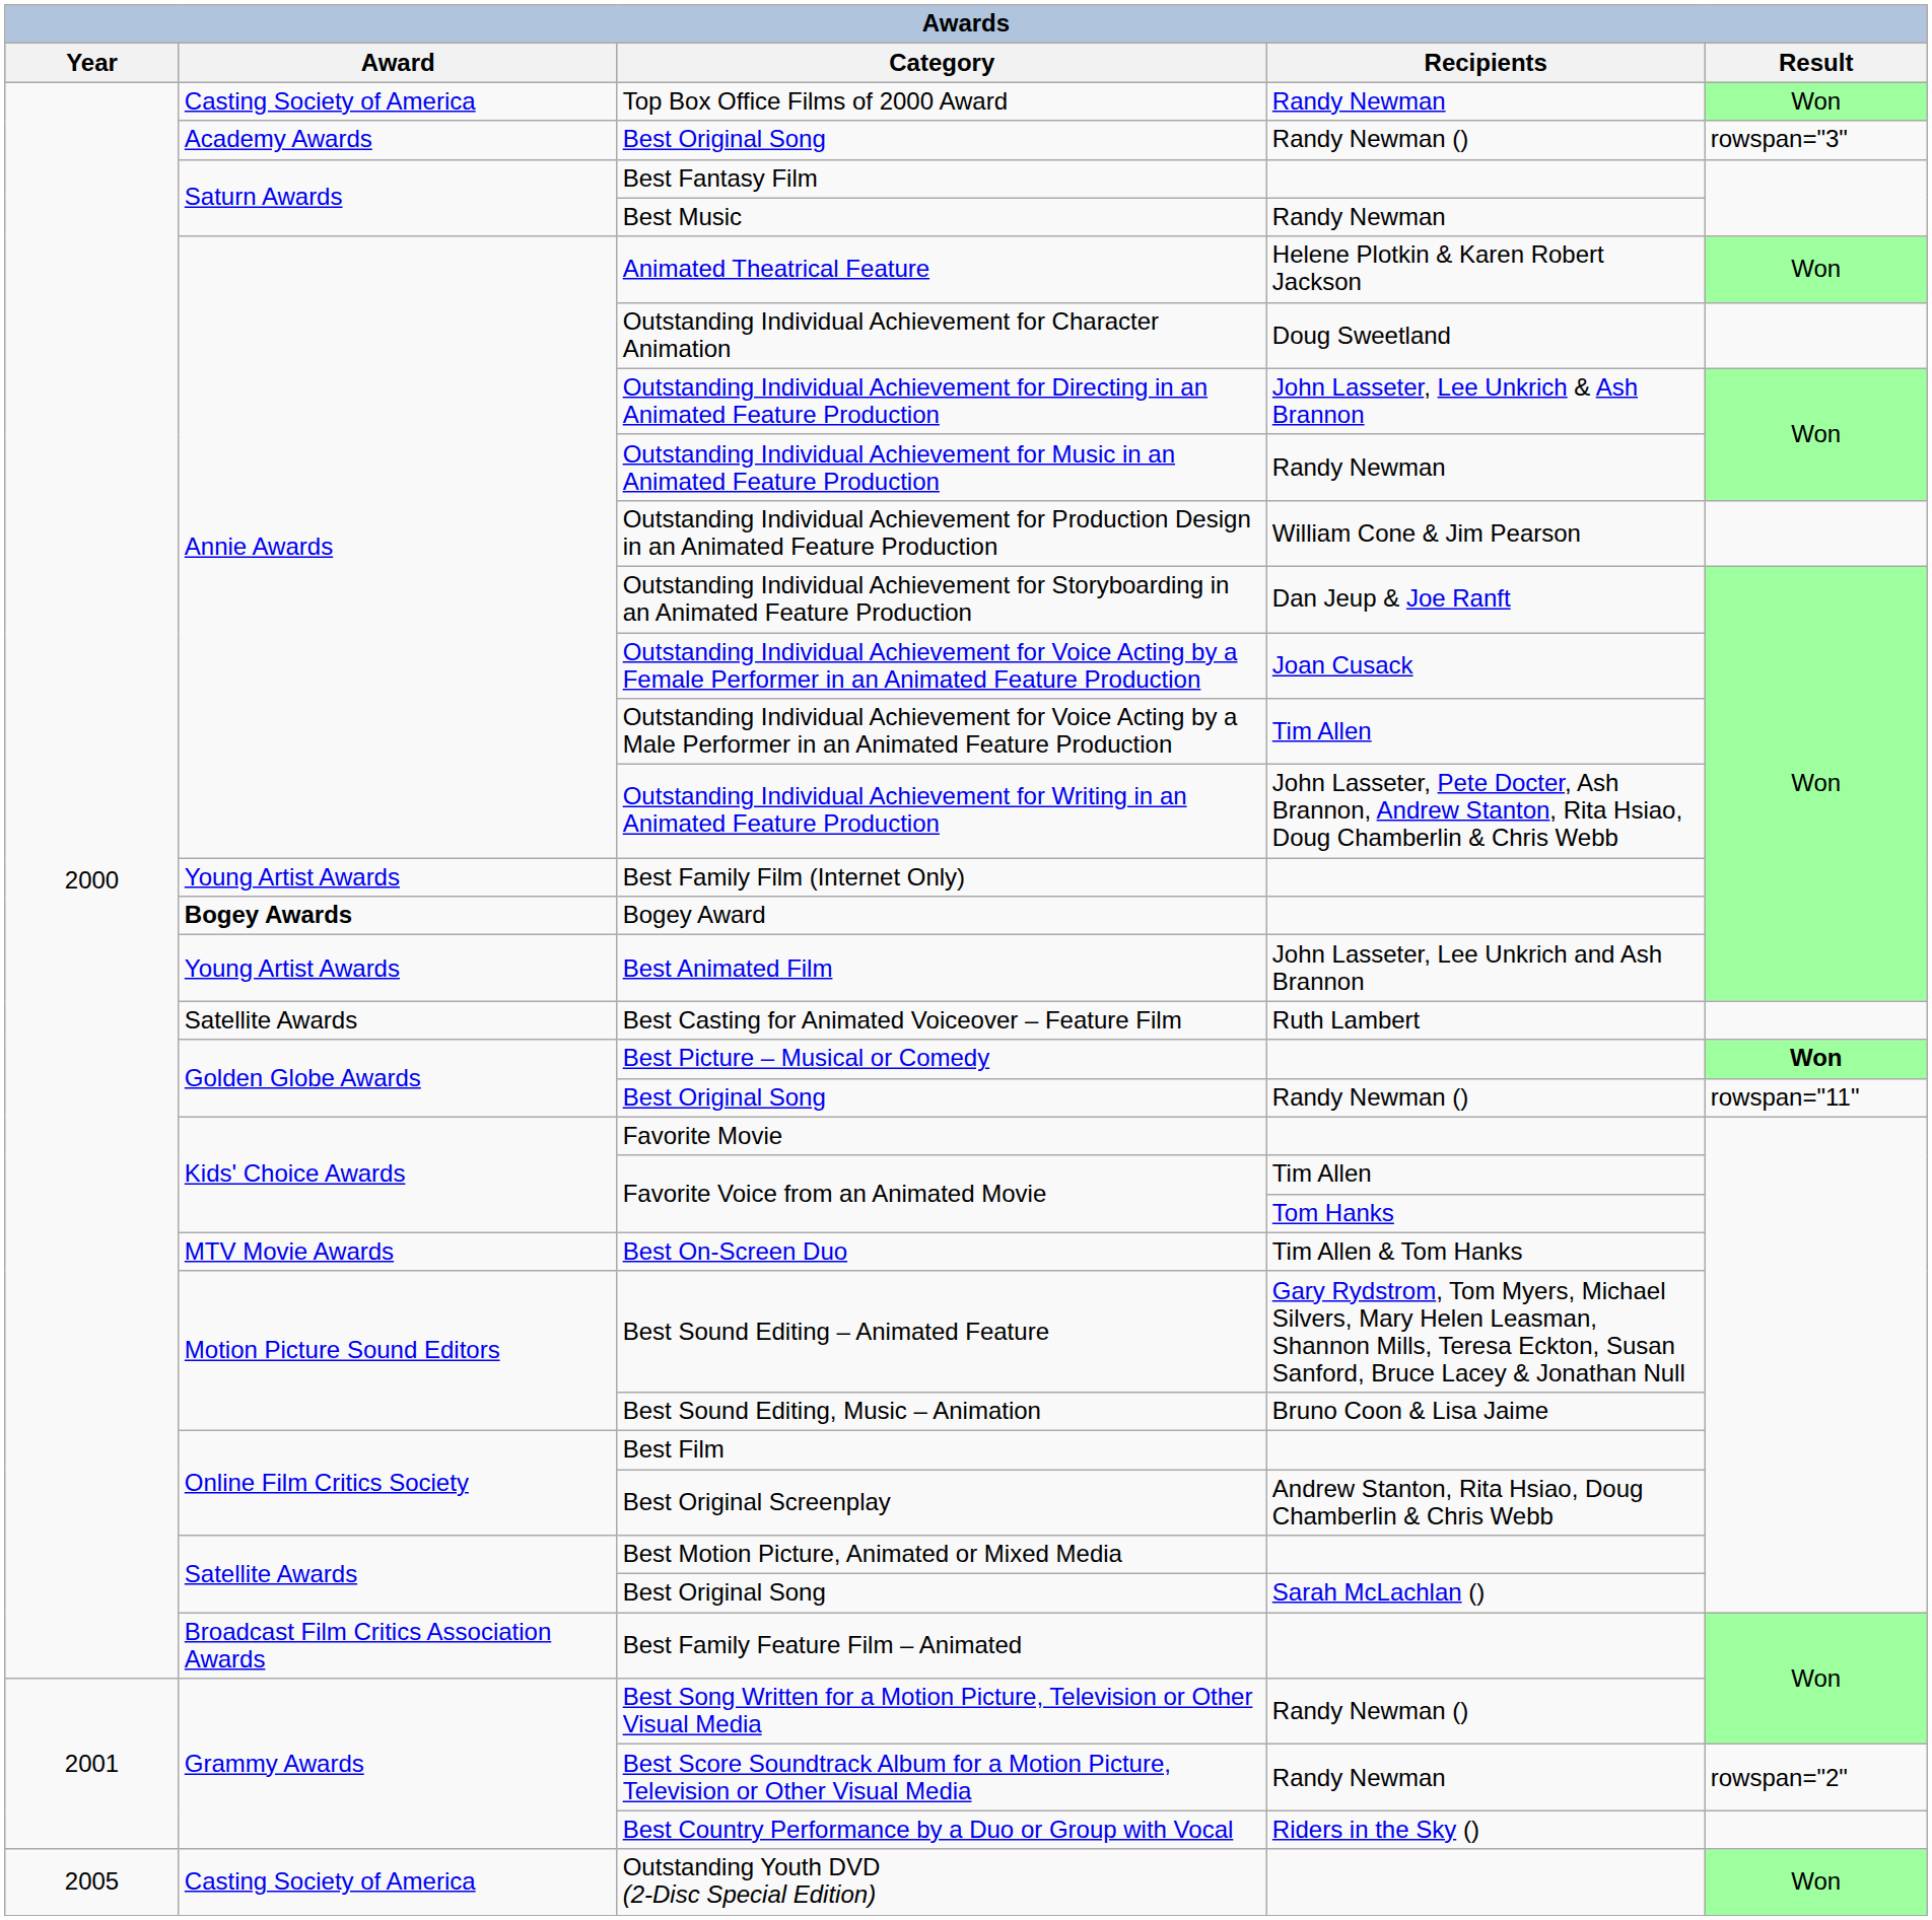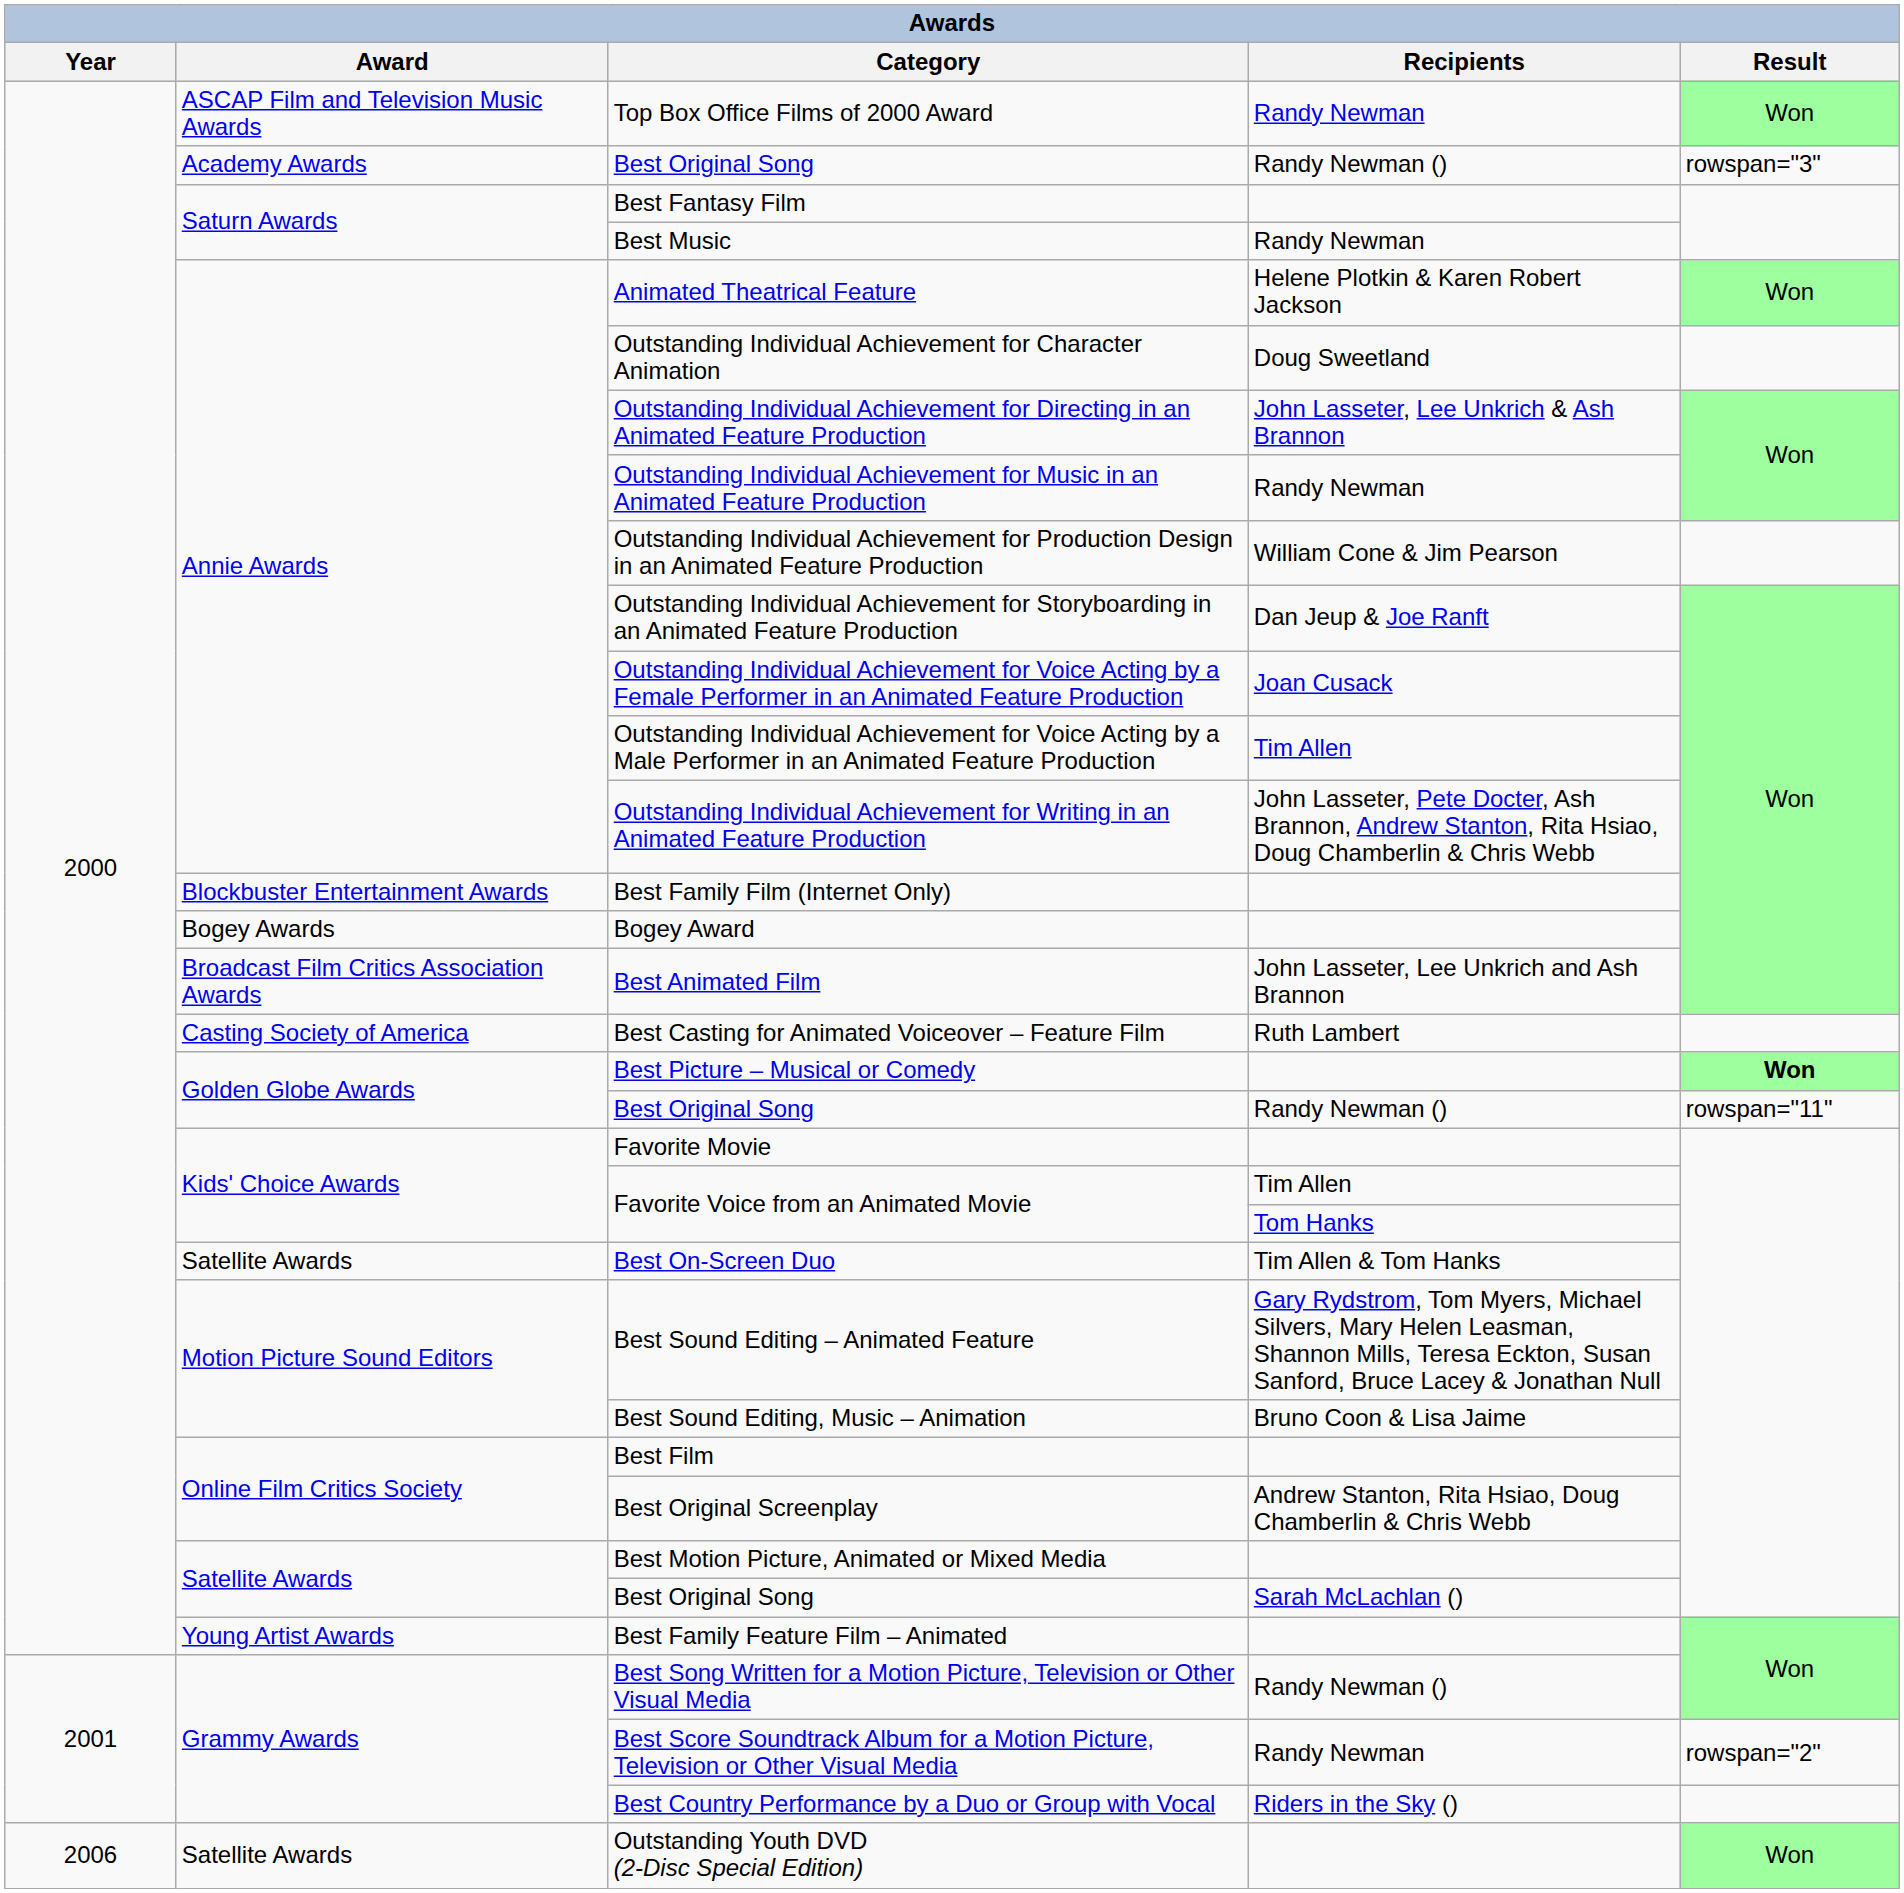 <table class="wikitable sortable" style="width:100%;">
 <tr style="background:#ccc; text-align:center;">
 <th colspan="5" style="background: LightSteelBlue;">Awards</th>
 </tr>
 <tr style="background:#ccc; text-align:center;">
 <th style="width:075px;">Year</th>
 <th style="width:200px;">Award</th>
 <th style="width:300px;">Category</th>
 <th style="width:200px;">Recipients</th>
 <th width="80">Result</th>
 </tr>
 <tr>
 <td rowspan="30" align=center>2000</td>
-<td><a href='#'>Casting Society of America</a></td>
+<td><a href='#'>ASCAP Film and Television Music Awards</a></td>
 <td>Top Box Office Films of 2000 Award</td>
 <td><a href='#'>Randy Newman</a></td>
 <td style="background:#9EFF9E;color:#000;vertical-align:middle;text-align:center;" class="yes table-yes2 notheme">Won</td>
 </tr>
 <tr>
 <td><a href='#'>Academy Awards</a></td>
 <td><a href='#'>Best Original Song</a></td>
 <td>Randy Newman ()</td>
 <td>rowspan="3" </td>
 </tr>
 <tr>
 <td rowspan="2"><a href='#'>Saturn Awards</a></td>
 <td>Best Fantasy Film</td>
 <td></td>
 </tr>
 <tr>
 <td>Best Music</td>
 <td>Randy Newman</td>
 </tr>
 <tr>
 <td rowspan="9"><a href='#'>Annie Awards</a></td>
 <td><a href='#'>Animated Theatrical Feature</a></td>
 <td>Helene Plotkin & Karen Robert Jackson</td>
 <td style="background:#9EFF9E;color:#000;vertical-align:middle;text-align:center;" class="yes table-yes2 notheme">Won</td>
 </tr>
 <tr>
 <td>Outstanding Individual Achievement for Character Animation</td>
 <td>Doug Sweetland</td>
 <td></td>
 </tr>
 <tr>
 <td><a href='#'>Outstanding Individual Achievement for Directing in an Animated Feature Production</a></td>
 <td><a href='#'>John Lasseter</a>, <a href='#'>Lee Unkrich</a> & <a href='#'>Ash Brannon</a></td>
 <td rowspan="2" style="background:#9EFF9E;color:#000;vertical-align:middle;text-align:center;" class="yes table-yes2 notheme">Won</td>
 </tr>
 <tr>
 <td><a href='#'>Outstanding Individual Achievement for Music in an Animated Feature Production</a></td>
 <td>Randy Newman</td>
 </tr>
 <tr>
 <td>Outstanding Individual Achievement for Production Design in an Animated Feature Production</td>
 <td>William Cone & Jim Pearson</td>
 <td></td>
 </tr>
 <tr>
 <td>Outstanding Individual Achievement for Storyboarding in an Animated Feature Production</td>
 <td>Dan Jeup & <a href='#'>Joe Ranft</a></td>
 <td rowspan="7" style="background:#9EFF9E;color:#000;vertical-align:middle;text-align:center;" class="yes table-yes2 notheme">Won</td>
 </tr>
 <tr>
 <td><a href='#'>Outstanding Individual Achievement for Voice Acting by a Female Performer in an Animated Feature Production</a></td>
 <td><a href='#'>Joan Cusack</a></td>
 </tr>
 <tr>
 <td>Outstanding Individual Achievement for Voice Acting by a Male Performer in an Animated Feature Production</td>
 <td><a href='#'>Tim Allen</a></td>
 </tr>
 <tr>
 <td><a href='#'>Outstanding Individual Achievement for Writing in an Animated Feature Production</a></td>
 <td>John Lasseter, <a href='#'>Pete Docter</a>, Ash Brannon, <a href='#'>Andrew Stanton</a>, Rita Hsiao, Doug Chamberlin & Chris Webb</td>
 </tr>
 <tr>
-<td><a href='#'>Young Artist Awards</a></td>
+<td><a href='#'>Blockbuster Entertainment Awards</a></td>
 <td>Best Family Film (Internet Only)</td>
 <td></td>
 </tr>
 <tr>
-<td><strong>Bogey Awards</strong></td>
+<td>Bogey Awards</td>
 <td>Bogey Award</td>
 <td></td>
 </tr>
 <tr>
-<td><a href='#'>Young Artist Awards</a></td>
+<td><a href='#'>Broadcast Film Critics Association Awards</a></td>
 <td><a href='#'>Best Animated Film</a></td>
 <td>John Lasseter, Lee Unkrich and Ash Brannon</td>
 </tr>
 <tr>
-<td>Satellite Awards</td>
+<td><a href='#'>Casting Society of America</a></td>
 <td>Best Casting for Animated Voiceover – Feature Film</td>
 <td>Ruth Lambert</td>
 <td></td>
 </tr>
 <tr>
 <td rowspan="2"><a href='#'>Golden Globe Awards</a></td>
 <td><a href='#'>Best Picture – Musical or Comedy</a></td>
 <td></td>
 <td style="background:#9EFF9E;color:#000;vertical-align:middle;text-align:center;" class="yes table-yes2 notheme"><strong>Won</strong></td>
 </tr>
 <tr>
 <td><a href='#'>Best Original Song</a></td>
 <td>Randy Newman ()</td>
 <td>rowspan="11" </td>
 </tr>
 <tr>
 <td rowspan="3"><a href='#'>Kids' Choice Awards</a></td>
 <td>Favorite Movie</td>
 <td></td>
 </tr>
 <tr>
 <td rowspan="2">Favorite Voice from an Animated Movie</td>
 <td>Tim Allen</td>
 </tr>
 <tr>
 <td><a href='#'>Tom Hanks</a></td>
 </tr>
 <tr>
-<td><a href='#'>MTV Movie Awards</a></td>
+<td>Satellite Awards</td>
 <td><a href='#'>Best On-Screen Duo</a></td>
 <td>Tim Allen & Tom Hanks</td>
 </tr>
 <tr>
 <td rowspan="2"><a href='#'>Motion Picture Sound Editors</a></td>
 <td>Best Sound Editing – Animated Feature</td>
 <td><a href='#'>Gary Rydstrom</a>, Tom Myers, Michael Silvers, Mary Helen Leasman, Shannon Mills, Teresa Eckton, Susan Sanford, Bruce Lacey & Jonathan Null</td>
 </tr>
 <tr>
 <td>Best Sound Editing, Music – Animation</td>
 <td>Bruno Coon & Lisa Jaime</td>
 </tr>
 <tr>
 <td rowspan="2"><a href='#'>Online Film Critics Society</a></td>
 <td>Best Film</td>
 <td></td>
 </tr>
 <tr>
 <td>Best Original Screenplay</td>
 <td>Andrew Stanton, Rita Hsiao, Doug Chamberlin & Chris Webb</td>
 </tr>
 <tr>
 <td rowspan="2"><a href='#'>Satellite Awards</a></td>
 <td>Best Motion Picture, Animated or Mixed Media</td>
 <td></td>
 </tr>
 <tr>
 <td>Best Original Song</td>
 <td><a href='#'>Sarah McLachlan</a> ()</td>
 </tr>
 <tr>
-<td><a href='#'>Broadcast Film Critics Association Awards</a></td>
+<td><a href='#'>Young Artist Awards</a></td>
 <td>Best Family Feature Film – Animated</td>
 <td></td>
 <td rowspan="2" style="background:#9EFF9E;color:#000;vertical-align:middle;text-align:center;" class="yes table-yes2 notheme">Won</td>
 </tr>
 <tr>
 <td rowspan="3" align=center>2001</td>
 <td rowspan="3"><a href='#'>Grammy Awards</a></td>
 <td><a href='#'>Best Song Written for a Motion Picture, Television or Other Visual Media</a></td>
 <td>Randy Newman ()</td>
 </tr>
 <tr>
 <td><a href='#'>Best Score Soundtrack Album for a Motion Picture, Television or Other Visual Media</a></td>
 <td>Randy Newman</td>
 <td>rowspan="2" </td>
 </tr>
 <tr>
 <td><a href='#'>Best Country Performance by a Duo or Group with Vocal</a></td>
 <td><a href='#'>Riders in the Sky</a> ()</td>
 </tr>
 <tr>
-<td align=center>2005</td>
-<td><a href='#'>Casting Society of America</a></td>
+<td align=center>2006</td>
+<td>Satellite Awards</td>
 <td>Outstanding Youth DVD<br><em>(2-Disc Special Edition)</em></td>
 <td></td>
 <td style="background:#9EFF9E;color:#000;vertical-align:middle;text-align:center;" class="yes table-yes2 notheme">Won</td>
 </tr>
 </table>
